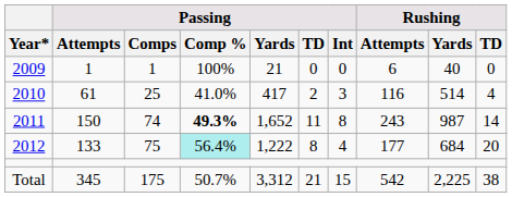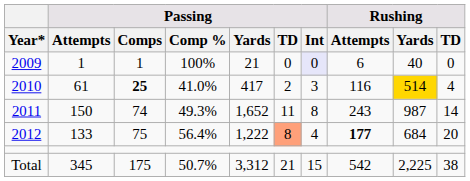 <table class=wikitable style="text-align:center">
 <tr>
 <th></th>
 <th colspan="6" style="background:#e7e3e7;">Passing</th>
 <th colspan="3" style="background:#e7e3e7;">Rushing</th>
 </tr>
 <tr>
 <th>Year*</th>
 <th>Attempts</th>
 <th>Comps</th>
 <th>Comp %</th>
 <th>Yards</th>
 <th>TD</th>
 <th>Int</th>
 <th>Attempts</th>
 <th>Yards</th>
 <th>TD</th>
 </tr>
 <tr>
 <td><a href='#'>2009</a></td>
 <td>1</td>
 <td>1</td>
 <td>100%</td>
 <td>21</td>
 <td>0</td>
-<td>0</td>
+<td style="background: lavender;">0</td>
 <td>6</td>
 <td>40</td>
 <td>0</td>
 </tr>
 <tr>
 <td><a href='#'>2010</a></td>
 <td>61</td>
-<td>25</td>
+<td><strong>25</strong></td>
 <td>41.0%</td>
 <td>417</td>
 <td>2</td>
 <td>3</td>
 <td>116</td>
-<td>514</td>
+<td style="background: gold;">514</td>
 <td>4</td>
 </tr>
 <tr>
 <td><a href='#'>2011</a></td>
 <td>150</td>
 <td>74</td>
-<td><strong>49.3%</strong></td>
+<td>49.3%</td>
 <td>1,652</td>
 <td>11</td>
 <td>8</td>
 <td>243</td>
 <td>987</td>
 <td>14</td>
 </tr>
 <tr>
 <td><a href='#'>2012</a></td>
 <td>133</td>
 <td>75</td>
-<td style="background: paleturquoise;">56.4%</td>
+<td>56.4%</td>
 <td>1,222</td>
-<td>8</td>
+<td style="background: lightsalmon;">8</td>
 <td>4</td>
-<td>177</td>
+<td><strong>177</strong></td>
 <td>684</td>
 <td>20</td>
 </tr>
 <tr>
 <td></td>
 </tr>
 <tr>
 <td>Total</td>
 <td>345</td>
 <td>175</td>
 <td>50.7%</td>
 <td>3,312</td>
 <td>21</td>
 <td>15</td>
 <td>542</td>
 <td>2,225</td>
 <td>38</td>
 </tr>
 </table>
